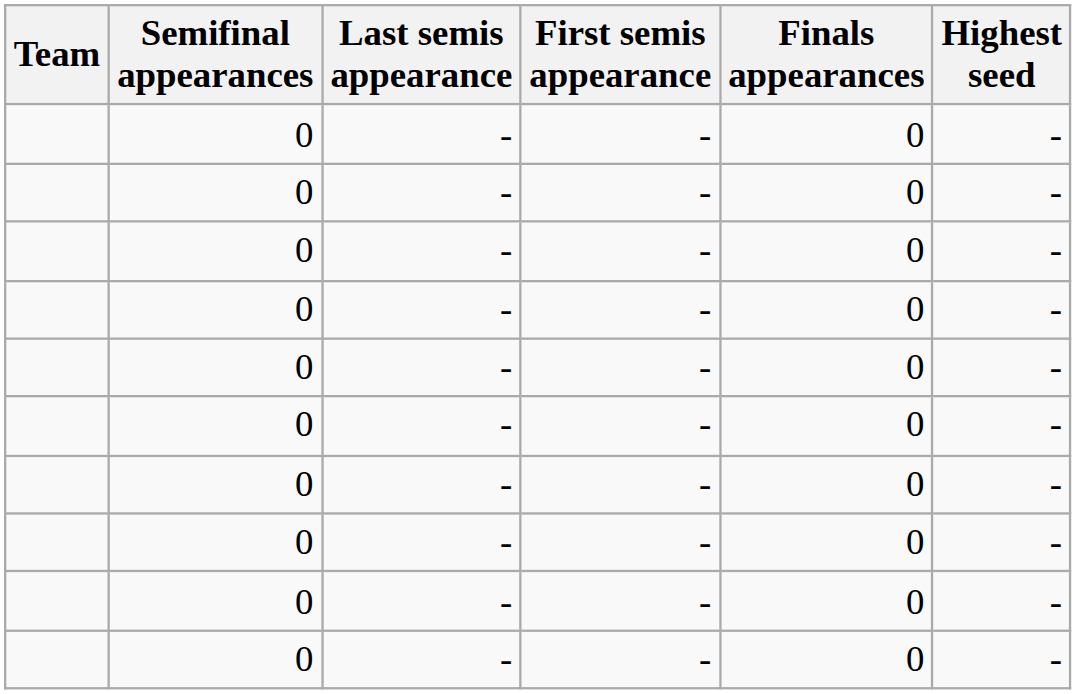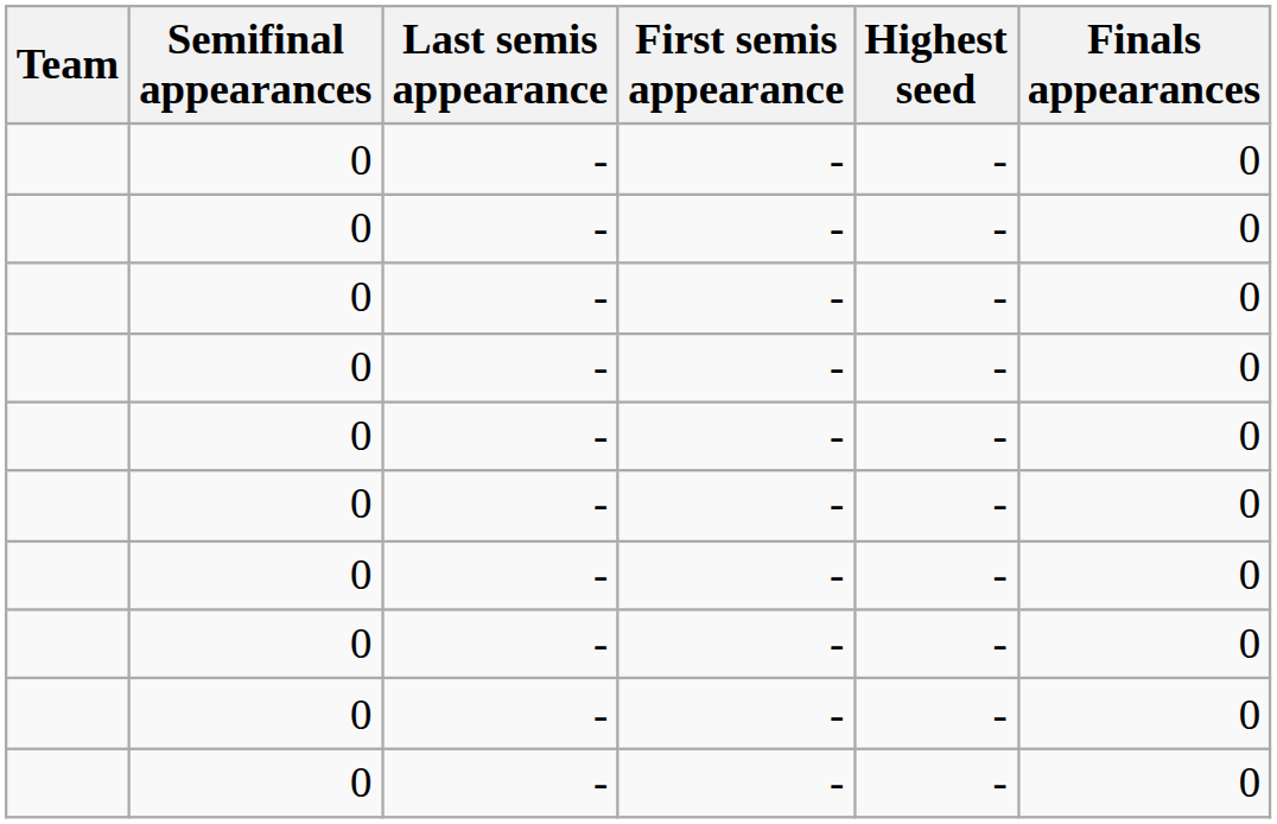 <table class="sortable wikitable" style="text-align:center;">
 <tr>
 <th>Team</th>
 <th>Semifinal<br>appearances</th>
 <th>Last semis<br>appearance</th>
 <th>First semis<br>appearance</th>
+<th>Highest<br>seed</th>
 <th>Finals<br>appearances</th>
-<th>Highest<br>seed</th>
 </tr>
 <tr align="right">
 <td align="left"></td>
 <td>0</td>
 <td>-</td>
 <td>-</td>
+<td>-</td>
 <td>0</td>
-<td>-</td>
 </tr>
 <tr align="right">
 <td align="left"></td>
 <td>0</td>
 <td>-</td>
 <td>-</td>
+<td>-</td>
 <td>0</td>
-<td>-</td>
 </tr>
 <tr align="right">
 <td align="left"></td>
 <td>0</td>
 <td>-</td>
 <td>-</td>
+<td>-</td>
 <td>0</td>
-<td>-</td>
 </tr>
 <tr align="right">
 <td align="left"></td>
 <td>0</td>
 <td>-</td>
 <td>-</td>
+<td>-</td>
 <td>0</td>
-<td>-</td>
 </tr>
 <tr align="right">
 <td align="left"></td>
 <td>0</td>
 <td>-</td>
 <td>-</td>
+<td>-</td>
 <td>0</td>
-<td>-</td>
 </tr>
 <tr align="right">
 <td align="left"></td>
 <td>0</td>
 <td>-</td>
 <td>-</td>
+<td>-</td>
 <td>0</td>
-<td>-</td>
 </tr>
 <tr align="right">
 <td align="left"></td>
 <td>0</td>
 <td>-</td>
 <td>-</td>
+<td>-</td>
 <td>0</td>
-<td>-</td>
 </tr>
 <tr align="right">
 <td align="left"></td>
 <td>0</td>
 <td>-</td>
 <td>-</td>
+<td>-</td>
 <td>0</td>
-<td>-</td>
 </tr>
 <tr align="right">
 <td align="left"></td>
 <td>0</td>
 <td>-</td>
 <td>-</td>
+<td>-</td>
 <td>0</td>
-<td>-</td>
 </tr>
 <tr align="right">
 <td align="left"></td>
 <td>0</td>
 <td>-</td>
 <td>-</td>
+<td>-</td>
 <td>0</td>
-<td>-</td>
 </tr>
 </table>
